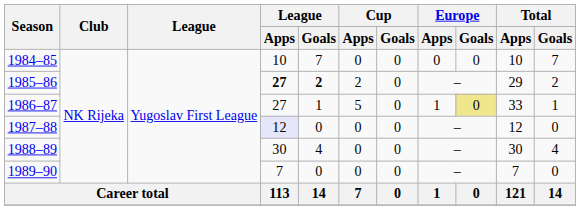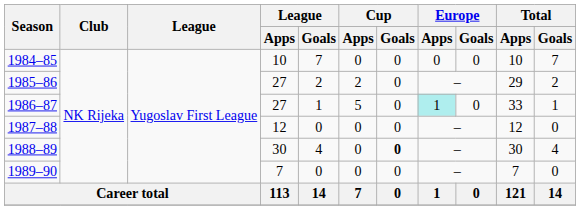 <table class="wikitable" style="font-size:100%; text-align: center">
 <tr>
 <th rowspan="2">Season</th>
 <th rowspan="2">Club</th>
 <th rowspan="2">League</th>
 <th colspan="2">League</th>
 <th colspan="2">Cup</th>
 <th colspan="2"><a href='#'>Europe</a></th>
 <th colspan="2">Total</th>
 </tr>
 <tr>
 <th>Apps</th>
 <th>Goals</th>
 <th>Apps</th>
 <th>Goals</th>
 <th>Apps</th>
 <th>Goals</th>
 <th>Apps</th>
 <th>Goals</th>
 </tr>
 <tr>
 <td><a href='#'>1984–85</a></td>
 <td rowspan="6" valign="center"><a href='#'>NK Rijeka</a></td>
 <td rowspan="6" valign="center"><a href='#'>Yugoslav First League</a></td>
 <td>10</td>
 <td>7</td>
 <td>0</td>
 <td>0</td>
 <td>0</td>
 <td>0</td>
 <td>10</td>
 <td>7</td>
 </tr>
 <tr>
 <td><a href='#'>1985–86</a></td>
-<td><strong>27</strong></td>
-<td><strong>2</strong></td>
+<td>27</td>
+<td>2</td>
 <td>2</td>
 <td>0</td>
 <td colspan="2">–</td>
 <td>29</td>
 <td>2</td>
 </tr>
 <tr>
 <td><a href='#'>1986–87</a></td>
 <td>27</td>
 <td>1</td>
 <td>5</td>
 <td>0</td>
-<td>1</td>
-<td style="background: khaki;">0</td>
+<td style="background: paleturquoise;">1</td>
+<td>0</td>
 <td>33</td>
 <td>1</td>
 </tr>
 <tr>
 <td><a href='#'>1987–88</a></td>
-<td style="background: lavender;">12</td>
+<td>12</td>
 <td>0</td>
 <td>0</td>
 <td>0</td>
 <td colspan="2">–</td>
 <td>12</td>
 <td>0</td>
 </tr>
 <tr>
 <td><a href='#'>1988–89</a></td>
 <td>30</td>
 <td>4</td>
 <td>0</td>
-<td>0</td>
+<td><strong>0</strong></td>
 <td colspan="2">–</td>
 <td>30</td>
 <td>4</td>
 </tr>
 <tr>
 <td><a href='#'>1989–90</a></td>
 <td>7</td>
 <td>0</td>
 <td>0</td>
 <td>0</td>
 <td colspan="2">–</td>
 <td>7</td>
 <td>0</td>
 </tr>
 <tr>
 <th colspan=3>Career total</th>
 <th>113</th>
 <th>14</th>
 <th>7</th>
 <th>0</th>
 <th>1</th>
 <th>0</th>
 <th>121</th>
 <th>14</th>
 </tr>
 <tr>
 </tr>
 </table>
